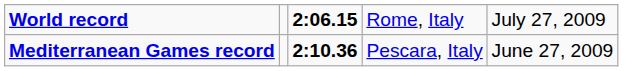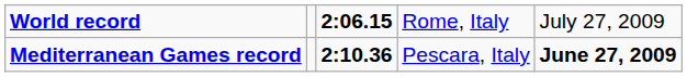 <table class="wikitable">
 <tr>
 <td><strong><a href='#'>World record</a></strong></td>
 <td></td>
 <td><strong>2:06.15</strong></td>
 <td><a href='#'>Rome</a>, <a href='#'>Italy</a></td>
 <td>July 27, 2009</td>
 </tr>
 <tr>
 <td><strong><a href='#'>Mediterranean Games record</a></strong></td>
 <td></td>
 <td><strong>2:10.36</strong></td>
 <td><a href='#'>Pescara</a>, <a href='#'>Italy</a></td>
-<td>June 27, 2009</td>
+<td><strong>June 27, 2009</strong></td>
 </tr>
 </table>
